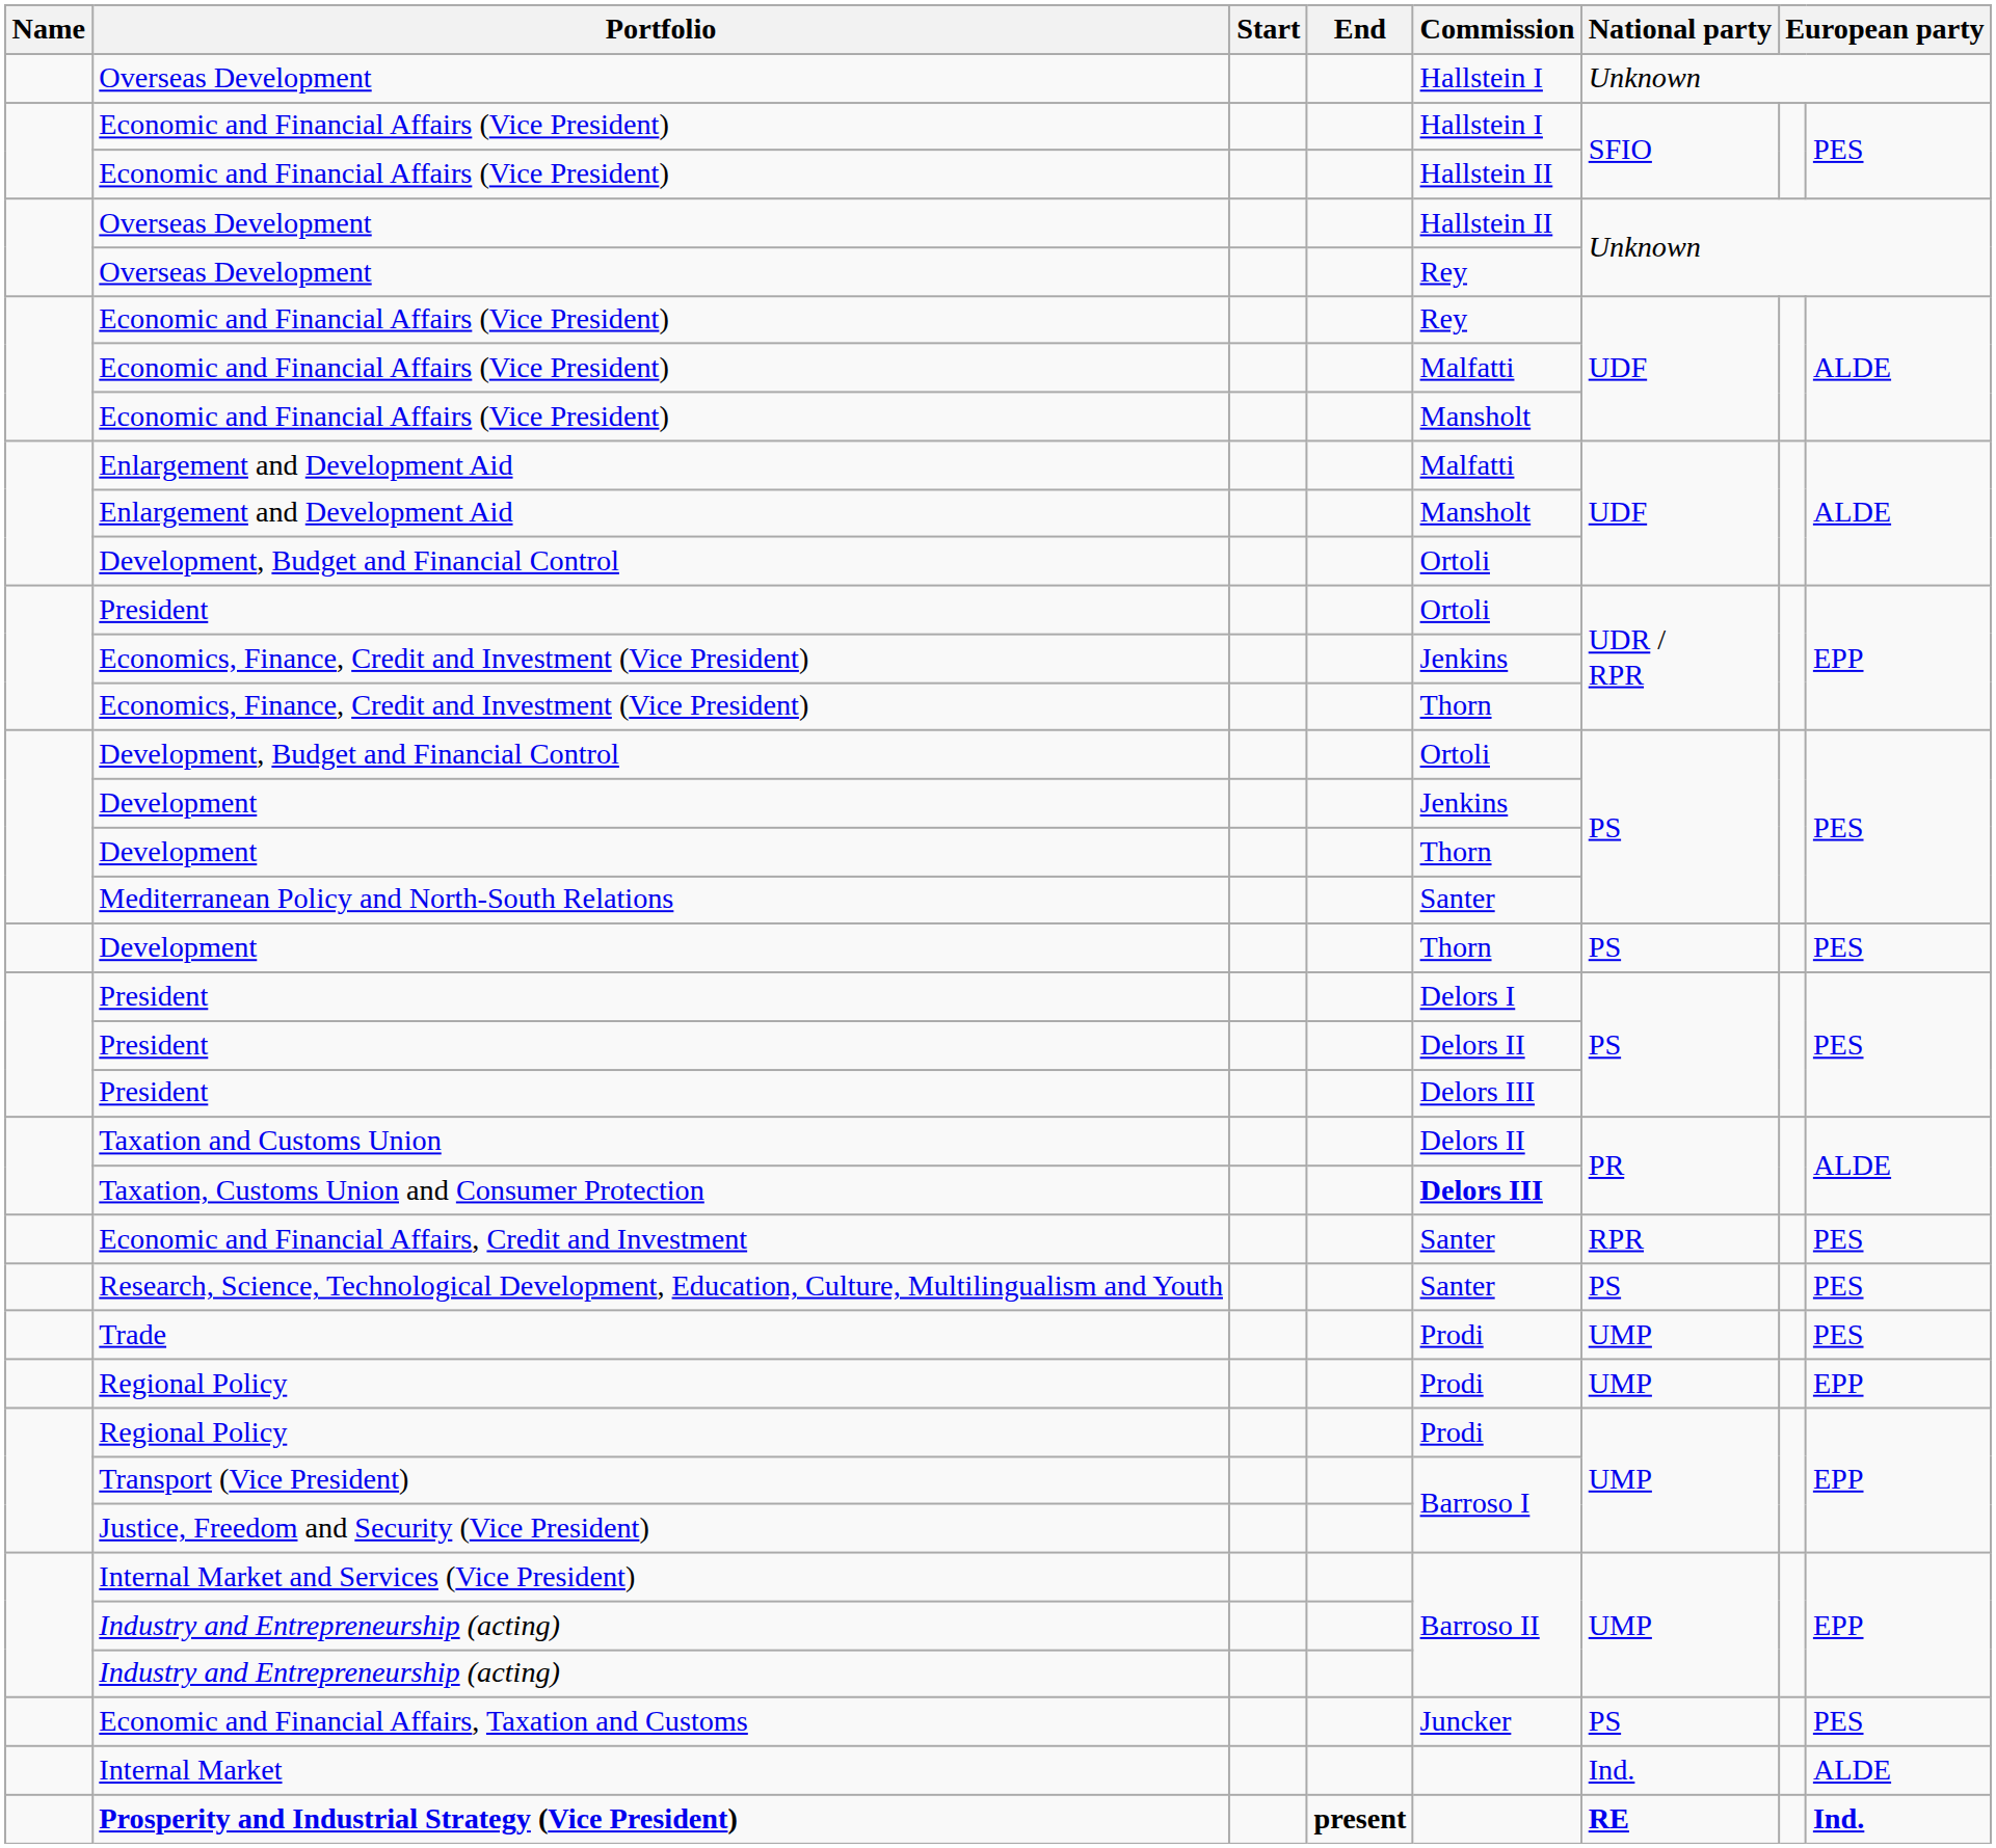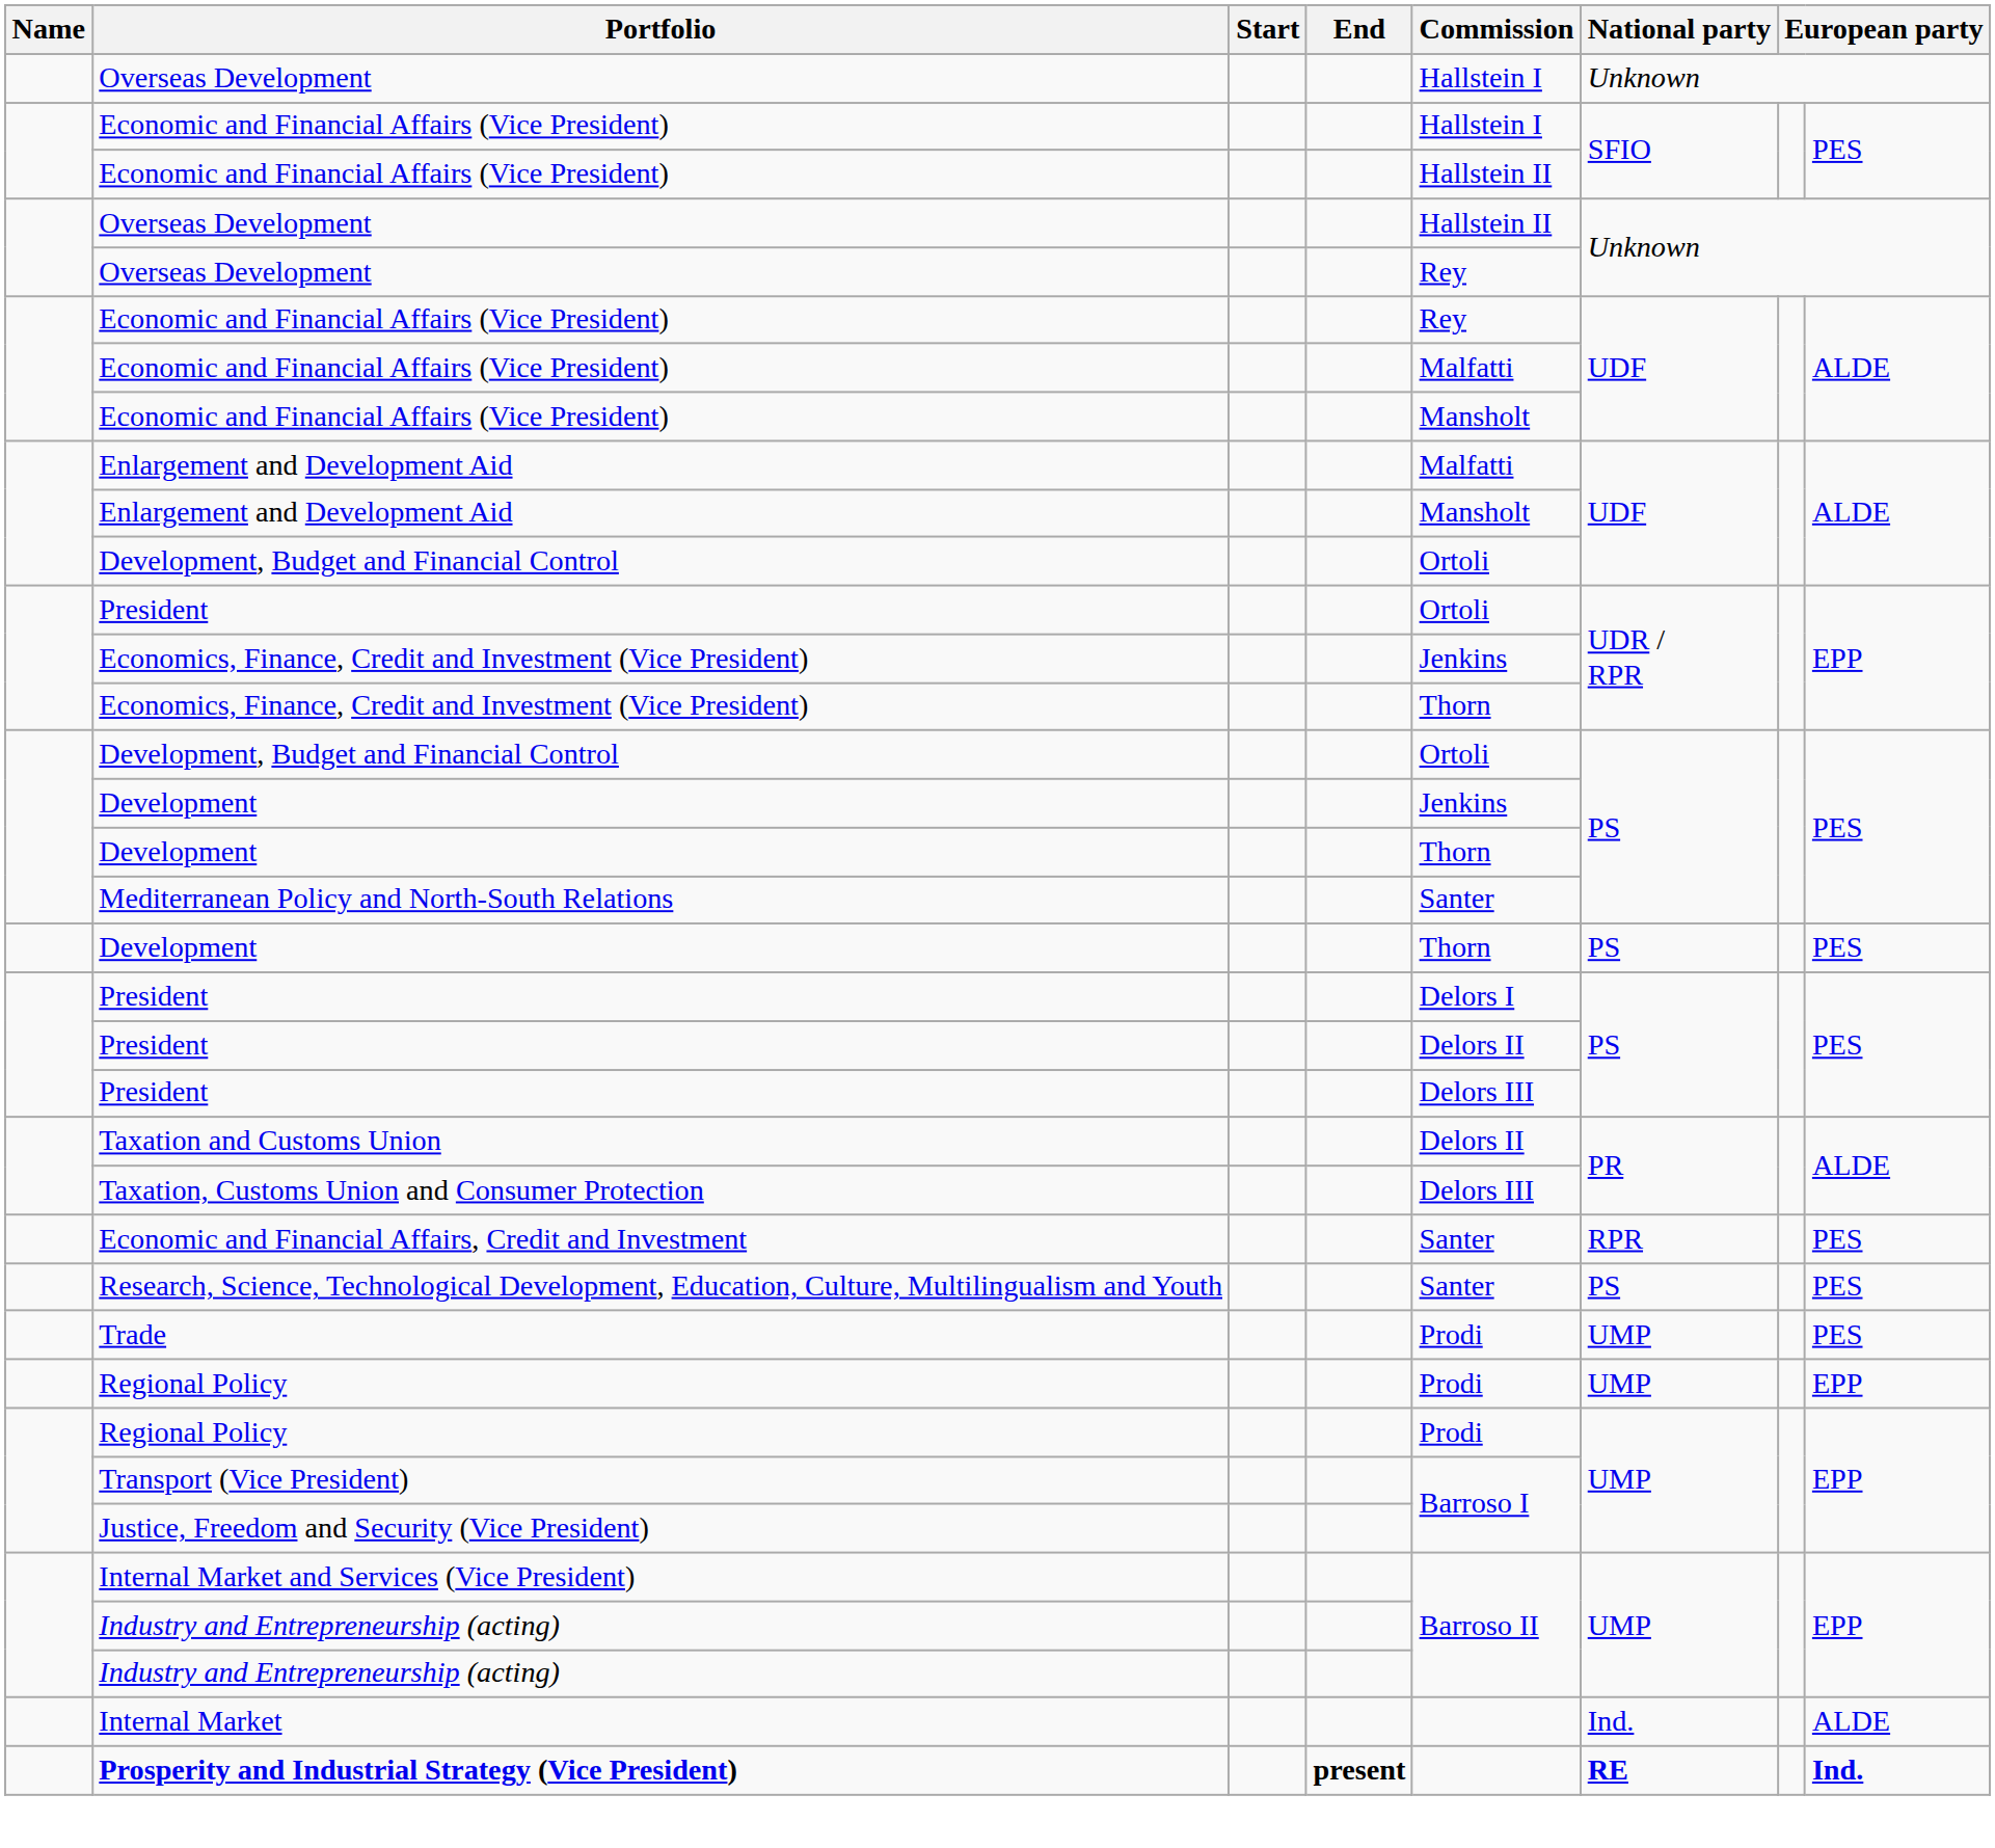 <table class="wikitable sortable" style="font-size: 90%;">
 <tr>
 <th>Name</th>
 <th>Portfolio</th>
 <th>Start</th>
 <th>End</th>
 <th>Commission</th>
 <th>National party</th>
 <th colspan=2>European party</th>
 </tr>
 <tr>
 <td></td>
 <td><a href='#'>Overseas Development</a></td>
 <td></td>
 <td></td>
 <td><a href='#'>Hallstein I</a></td>
 <td colspan=3><em>Unknown</em></td>
 </tr>
 <tr>
 <td rowspan=2></td>
 <td><a href='#'>Economic and Financial Affairs</a> (<a href='#'>Vice President</a>)</td>
 <td></td>
 <td></td>
 <td><a href='#'>Hallstein I</a></td>
 <td rowspan=2><a href='#'>SFIO</a></td>
 <td rowspan=2 style="background:"></td>
 <td rowspan=2><a href='#'>PES</a></td>
 </tr>
 <tr>
 <td><a href='#'>Economic and Financial Affairs</a> (<a href='#'>Vice President</a>)</td>
 <td></td>
 <td></td>
 <td><a href='#'>Hallstein II</a></td>
 </tr>
 <tr>
 <td rowspan=2></td>
 <td><a href='#'>Overseas Development</a></td>
 <td></td>
 <td></td>
 <td><a href='#'>Hallstein II</a></td>
 <td rowspan=2 colspan=3><em>Unknown</em></td>
 </tr>
 <tr>
 <td><a href='#'>Overseas Development</a></td>
 <td></td>
 <td></td>
 <td><a href='#'>Rey</a></td>
 </tr>
 <tr>
 <td rowspan=3></td>
 <td><a href='#'>Economic and Financial Affairs</a> (<a href='#'>Vice President</a>)</td>
 <td></td>
 <td></td>
 <td><a href='#'>Rey</a></td>
 <td rowspan=3><a href='#'>UDF</a></td>
 <td rowspan=3 style="background:"></td>
 <td rowspan=3><a href='#'>ALDE</a></td>
 </tr>
 <tr>
 <td><a href='#'>Economic and Financial Affairs</a> (<a href='#'>Vice President</a>)</td>
 <td></td>
 <td></td>
 <td><a href='#'>Malfatti</a></td>
 </tr>
 <tr>
 <td><a href='#'>Economic and Financial Affairs</a> (<a href='#'>Vice President</a>)</td>
 <td></td>
 <td></td>
 <td><a href='#'>Mansholt</a></td>
 </tr>
 <tr>
 <td rowspan=3></td>
 <td><a href='#'>Enlargement</a> and <a href='#'>Development Aid</a></td>
 <td></td>
 <td></td>
 <td><a href='#'>Malfatti</a></td>
 <td rowspan=3><a href='#'>UDF</a></td>
 <td rowspan=3 style="background:"></td>
 <td rowspan=3><a href='#'>ALDE</a></td>
 </tr>
 <tr>
 <td><a href='#'>Enlargement</a> and <a href='#'>Development Aid</a></td>
 <td></td>
 <td></td>
 <td><a href='#'>Mansholt</a></td>
 </tr>
 <tr>
 <td><a href='#'>Development</a>, <a href='#'>Budget and Financial Control</a></td>
 <td></td>
 <td></td>
 <td><a href='#'>Ortoli</a></td>
 </tr>
 <tr>
 <td rowspan=3></td>
 <td><a href='#'>President</a></td>
 <td></td>
 <td></td>
 <td><a href='#'>Ortoli</a></td>
 <td rowspan=3><a href='#'>UDR</a> /<br><a href='#'>RPR</a></td>
 <td rowspan=3 style="background:"></td>
 <td rowspan=3><a href='#'>EPP</a></td>
 </tr>
 <tr>
 <td><a href='#'>Economics, Finance</a>, <a href='#'>Credit and Investment</a> (<a href='#'>Vice President</a>)</td>
 <td></td>
 <td></td>
 <td><a href='#'>Jenkins</a></td>
 </tr>
 <tr>
 <td><a href='#'>Economics, Finance</a>, <a href='#'>Credit and Investment</a> (<a href='#'>Vice President</a>)</td>
 <td></td>
 <td></td>
 <td><a href='#'>Thorn</a></td>
 </tr>
 <tr>
 <td rowspan=4></td>
 <td><a href='#'>Development</a>, <a href='#'>Budget and Financial Control</a></td>
 <td></td>
 <td></td>
 <td><a href='#'>Ortoli</a></td>
 <td rowspan=4><a href='#'>PS</a></td>
 <td rowspan=4 style="background:"></td>
 <td rowspan=4><a href='#'>PES</a></td>
 </tr>
 <tr>
 <td><a href='#'>Development</a></td>
 <td></td>
 <td></td>
 <td><a href='#'>Jenkins</a></td>
 </tr>
 <tr>
 <td><a href='#'>Development</a></td>
 <td></td>
 <td></td>
 <td><a href='#'>Thorn</a></td>
 </tr>
 <tr>
 <td><a href='#'>Mediterranean Policy and North-South Relations</a></td>
 <td></td>
 <td></td>
 <td><a href='#'>Santer</a></td>
 </tr>
 <tr>
 <td></td>
 <td><a href='#'>Development</a></td>
 <td></td>
 <td></td>
 <td><a href='#'>Thorn</a></td>
 <td><a href='#'>PS</a></td>
 <td style="background:"></td>
 <td><a href='#'>PES</a></td>
 </tr>
 <tr>
 <td rowspan=3></td>
 <td><a href='#'>President</a></td>
 <td></td>
 <td></td>
 <td><a href='#'>Delors I</a></td>
 <td rowspan=3><a href='#'>PS</a></td>
 <td rowspan=3 style="background:"></td>
 <td rowspan=3><a href='#'>PES</a></td>
 </tr>
 <tr>
 <td><a href='#'>President</a></td>
 <td></td>
 <td></td>
 <td><a href='#'>Delors II</a></td>
 </tr>
 <tr>
 <td><a href='#'>President</a></td>
 <td></td>
 <td></td>
 <td><a href='#'>Delors III</a></td>
 </tr>
 <tr>
 <td rowspan=2></td>
 <td><a href='#'>Taxation and Customs Union</a></td>
 <td></td>
 <td></td>
 <td><a href='#'>Delors II</a></td>
 <td rowspan=2><a href='#'>PR</a></td>
 <td rowspan=2 style="background:"></td>
 <td rowspan=2><a href='#'>ALDE</a></td>
 </tr>
 <tr>
 <td><a href='#'>Taxation, Customs Union</a> and <a href='#'>Consumer Protection</a></td>
 <td></td>
 <td></td>
-<td><strong><a href='#'>Delors III</a></strong></td>
+<td><a href='#'>Delors III</a></td>
 </tr>
 <tr>
 <td></td>
 <td><a href='#'>Economic and Financial Affairs</a>, <a href='#'>Credit and Investment</a></td>
 <td></td>
 <td></td>
 <td><a href='#'>Santer</a></td>
 <td><a href='#'>RPR</a></td>
 <td style="background:"></td>
 <td><a href='#'>PES</a></td>
 </tr>
 <tr>
 <td></td>
 <td><a href='#'>Research, Science, Technological Development</a>, <a href='#'>Education, Culture, Multilingualism and Youth</a></td>
 <td></td>
 <td></td>
 <td><a href='#'>Santer</a></td>
 <td><a href='#'>PS</a></td>
 <td style="background:"></td>
 <td><a href='#'>PES</a></td>
 </tr>
 <tr>
 <td></td>
 <td><a href='#'>Trade</a></td>
 <td></td>
 <td></td>
 <td><a href='#'>Prodi</a></td>
 <td><a href='#'>UMP</a></td>
 <td style="background:"></td>
 <td><a href='#'>PES</a></td>
 </tr>
 <tr>
 <td></td>
 <td><a href='#'>Regional Policy</a></td>
 <td></td>
 <td></td>
 <td><a href='#'>Prodi</a></td>
 <td><a href='#'>UMP</a></td>
 <td style="background:"></td>
 <td><a href='#'>EPP</a></td>
 </tr>
 <tr>
 <td rowspan=3></td>
 <td><a href='#'>Regional Policy</a></td>
 <td></td>
 <td></td>
 <td><a href='#'>Prodi</a></td>
 <td rowspan=3><a href='#'>UMP</a></td>
 <td rowspan=3 style="background:"></td>
 <td rowspan=3><a href='#'>EPP</a></td>
 </tr>
 <tr>
 <td><a href='#'>Transport</a> (<a href='#'>Vice President</a>)</td>
 <td></td>
 <td></td>
 <td rowspan=2><a href='#'>Barroso I</a></td>
 </tr>
 <tr>
 <td><a href='#'>Justice, Freedom</a> and <a href='#'>Security</a> (<a href='#'>Vice President</a>)</td>
 <td></td>
 <td></td>
 </tr>
 <tr>
 <td rowspan=3></td>
 <td><a href='#'>Internal Market and Services</a> (<a href='#'>Vice President</a>)</td>
 <td></td>
 <td></td>
 <td rowspan=3><a href='#'>Barroso II</a></td>
 <td rowspan=3><a href='#'>UMP</a></td>
 <td rowspan=3 style="background:"></td>
 <td rowspan=3><a href='#'>EPP</a></td>
 </tr>
 <tr>
 <td><em><a href='#'>Industry and Entrepreneurship</a> (acting)</em></td>
 <td><em></em></td>
 <td><em></em></td>
 </tr>
 <tr>
 <td><em><a href='#'>Industry and Entrepreneurship</a> (acting)</em></td>
 <td><em></em></td>
 <td><em></em></td>
 </tr>
 <tr>
 <td></td>
-<td><a href='#'>Economic and Financial Affairs</a>, <a href='#'>Taxation and Customs</a></td>
-<td></td>
-<td></td>
-<td><a href='#'>Juncker</a></td>
-<td><a href='#'>PS</a></td>
-<td style="background:"></td>
-<td><a href='#'>PES</a></td>
-</tr>
-<tr>
-<td></td>
 <td><a href='#'>Internal Market</a></td>
 <td></td>
 <td></td>
 <td></td>
 <td><a href='#'>Ind.</a></td>
 <td style="background:"></td>
 <td><a href='#'>ALDE</a></td>
 </tr>
 <tr>
 <td><strong></strong></td>
 <td><strong><a href='#'>Prosperity and Industrial Strategy</a> (<a href='#'>Vice President</a>)</strong></td>
 <td><strong></strong></td>
 <td><strong>present</strong></td>
 <td><strong></strong></td>
 <td><strong><a href='#'>RE</a></strong></td>
 <td style="background:"></td>
 <td><strong><a href='#'>Ind.</a></strong></td>
 </tr>
 </table>
